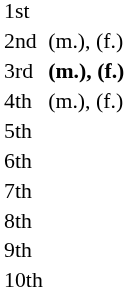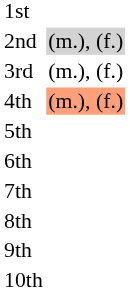 <table>
 <tr>
 <td>1st</td>
 <td></td>
 </tr>
 <tr>
 <td>2nd</td>
+<td style="background: lightgrey;"> (m.),  (f.)</td>
+</tr>
+<tr>
+<td>3rd</td>
 <td> (m.),  (f.)</td>
 </tr>
 <tr>
-<td>3rd</td>
-<td><strong> (m.),  (f.)</strong></td>
-</tr>
-<tr>
 <td>4th</td>
-<td> (m.),  (f.)</td>
+<td style="background: lightsalmon;"> (m.),  (f.)</td>
 </tr>
 <tr>
 <td>5th</td>
 <td></td>
 </tr>
 <tr>
 <td>6th</td>
 <td></td>
 </tr>
 <tr>
 <td>7th</td>
 <td></td>
 </tr>
 <tr>
 <td>8th</td>
 <td></td>
 </tr>
 <tr>
 <td>9th</td>
 <td></td>
 </tr>
 <tr>
 <td>10th</td>
 <td></td>
 </tr>
 </table>
